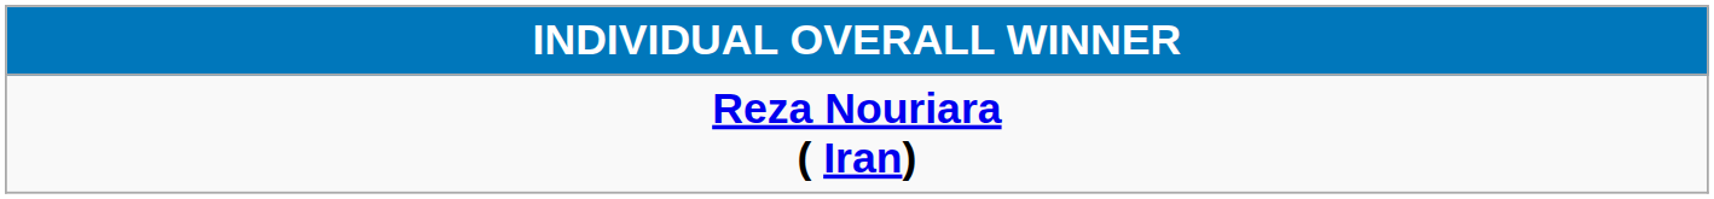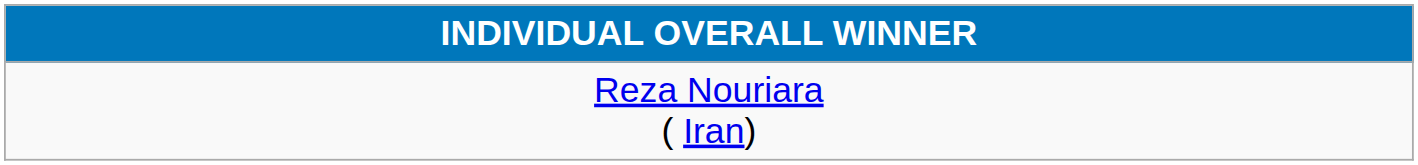 <table class="wikitable" style="font-size:125%;width:50%">
 <tr>
 <td style="background:#0077bb;color:#fff;text-align:center"><strong>INDIVIDUAL OVERALL WINNER</strong></td>
 </tr>
 <tr align="center">
-<td><strong><a href='#'>Reza Nouriara</a><br>( <a href='#'>Iran</a>)</strong></td>
+<td><a href='#'>Reza Nouriara</a><br>( <a href='#'>Iran</a>)</td>
 </tr>
 </table>
